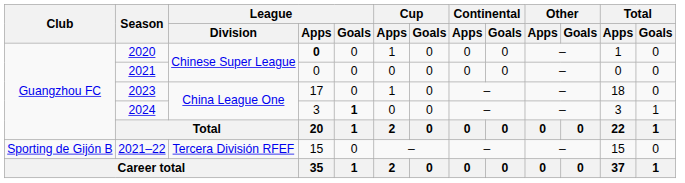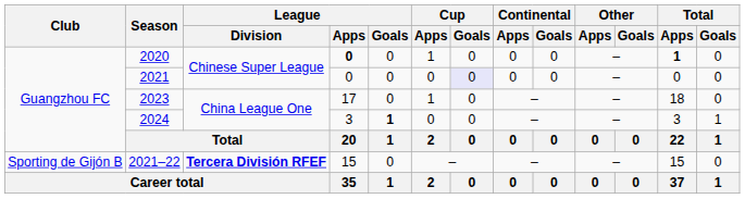 <table class="wikitable" style="text-align: center;">
 <tr>
 <th rowspan=2>Club</th>
 <th rowspan=2>Season</th>
 <th colspan=3>League</th>
 <th colspan=2>Cup</th>
 <th colspan=2>Continental</th>
 <th colspan=2>Other</th>
 <th colspan=2>Total</th>
 </tr>
 <tr>
 <th>Division</th>
 <th>Apps</th>
 <th>Goals</th>
 <th>Apps</th>
 <th>Goals</th>
 <th>Apps</th>
 <th>Goals</th>
 <th>Apps</th>
 <th>Goals</th>
 <th>Apps</th>
 <th>Goals</th>
 </tr>
 <tr>
 <td rowspan=5><a href='#'>Guangzhou FC</a></td>
 <td><a href='#'>2020</a></td>
 <td rowspan=2><a href='#'>Chinese Super League</a></td>
 <td><strong>0</strong></td>
 <td>0</td>
 <td>1</td>
 <td>0</td>
 <td>0</td>
 <td>0</td>
 <td colspan="2">–</td>
-<td>1</td>
+<td><strong>1</strong></td>
 <td>0</td>
 </tr>
 <tr>
 <td><a href='#'>2021</a></td>
 <td>0</td>
 <td>0</td>
 <td>0</td>
-<td>0</td>
+<td style="background: lavender;">0</td>
 <td>0</td>
 <td>0</td>
 <td colspan="2">–</td>
 <td>0</td>
 <td>0</td>
 </tr>
 <tr>
 <td><a href='#'>2023</a></td>
 <td rowspan=2><a href='#'>China League One</a></td>
 <td>17</td>
 <td>0</td>
 <td>1</td>
 <td>0</td>
 <td colspan="2">–</td>
 <td colspan="2">–</td>
 <td>18</td>
 <td>0</td>
 </tr>
 <tr>
 <td><a href='#'>2024</a></td>
 <td>3</td>
 <td><strong>1</strong></td>
 <td>0</td>
 <td>0</td>
 <td colspan="2">–</td>
 <td colspan="2">–</td>
 <td>3</td>
 <td>1</td>
 </tr>
 <tr>
 <th colspan=2>Total</th>
 <th>20</th>
 <th>1</th>
 <th>2</th>
 <th>0</th>
 <th>0</th>
 <th>0</th>
 <th>0</th>
 <th>0</th>
 <th>22</th>
 <th>1</th>
 </tr>
 <tr>
 <td><a href='#'>Sporting de Gijón B</a></td>
 <td><a href='#'>2021–22</a></td>
-<td><a href='#'>Tercera División RFEF</a></td>
+<td><strong><a href='#'>Tercera División RFEF</a></strong></td>
 <td>15</td>
 <td>0</td>
 <td colspan="2">–</td>
 <td colspan="2">–</td>
 <td colspan="2">–</td>
 <td>15</td>
 <td>0</td>
 </tr>
 <tr>
 <th colspan=3>Career total</th>
 <th>35</th>
 <th>1</th>
 <th>2</th>
 <th>0</th>
 <th>0</th>
 <th>0</th>
 <th>0</th>
 <th>0</th>
 <th>37</th>
 <th>1</th>
 </tr>
 </table>
